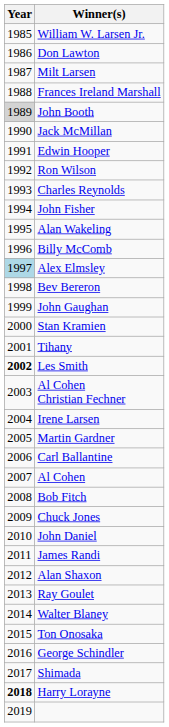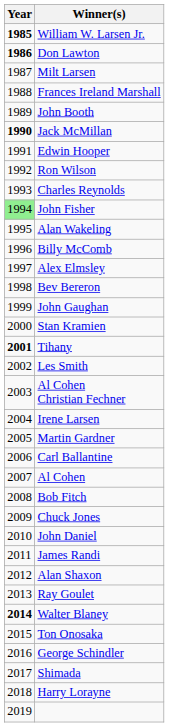 <table class="wikitable sortable">
 <tr>
 <th>Year</th>
 <th>Winner(s)</th>
 </tr>
 <tr>
-<td>1985</td>
+<td><strong>1985</strong></td>
 <td><a href='#'>William W. Larsen Jr.</a></td>
 </tr>
 <tr>
-<td>1986</td>
+<td><strong>1986</strong></td>
 <td><a href='#'>Don Lawton</a></td>
 </tr>
 <tr>
 <td>1987</td>
 <td><a href='#'>Milt Larsen</a></td>
 </tr>
 <tr>
 <td>1988</td>
 <td><a href='#'>Frances Ireland Marshall</a></td>
 </tr>
 <tr>
-<td style="background: lightgrey;">1989</td>
+<td>1989</td>
 <td><a href='#'>John Booth</a></td>
 </tr>
 <tr>
-<td>1990</td>
+<td><strong>1990</strong></td>
 <td><a href='#'>Jack McMillan</a></td>
 </tr>
 <tr>
 <td>1991</td>
 <td><a href='#'>Edwin Hooper</a></td>
 </tr>
 <tr>
 <td>1992</td>
 <td><a href='#'>Ron Wilson</a></td>
 </tr>
 <tr>
 <td>1993</td>
 <td><a href='#'>Charles Reynolds</a></td>
 </tr>
 <tr>
-<td>1994</td>
+<td style="background: lightgreen;">1994</td>
 <td><a href='#'>John Fisher</a></td>
 </tr>
 <tr>
 <td>1995</td>
 <td><a href='#'>Alan Wakeling</a></td>
 </tr>
 <tr>
 <td>1996</td>
 <td><a href='#'>Billy McComb</a></td>
 </tr>
 <tr>
-<td style="background: lightblue;">1997</td>
+<td>1997</td>
 <td><a href='#'>Alex Elmsley</a></td>
 </tr>
 <tr>
 <td>1998</td>
 <td><a href='#'>Bev Bereron</a></td>
 </tr>
 <tr>
 <td>1999</td>
 <td><a href='#'>John Gaughan</a></td>
 </tr>
 <tr>
 <td>2000</td>
 <td><a href='#'>Stan Kramien</a></td>
 </tr>
 <tr>
-<td>2001</td>
+<td><strong>2001</strong></td>
 <td><a href='#'>Tihany</a></td>
 </tr>
 <tr>
-<td><strong>2002</strong></td>
+<td>2002</td>
 <td><a href='#'>Les Smith</a></td>
 </tr>
 <tr>
 <td>2003</td>
 <td><a href='#'>Al Cohen</a><br><a href='#'>Christian Fechner</a></td>
 </tr>
 <tr>
 <td>2004</td>
 <td><a href='#'>Irene Larsen</a></td>
 </tr>
 <tr>
 <td>2005</td>
 <td><a href='#'>Martin Gardner</a></td>
 </tr>
 <tr>
 <td>2006</td>
 <td><a href='#'>Carl Ballantine</a></td>
 </tr>
 <tr>
 <td>2007</td>
 <td><a href='#'>Al Cohen</a></td>
 </tr>
 <tr>
 <td>2008</td>
 <td><a href='#'>Bob Fitch</a></td>
 </tr>
 <tr>
 <td>2009</td>
 <td><a href='#'>Chuck Jones</a></td>
 </tr>
 <tr>
 <td>2010</td>
 <td><a href='#'>John Daniel</a></td>
 </tr>
 <tr>
 <td>2011</td>
 <td><a href='#'>James Randi</a></td>
 </tr>
 <tr>
 <td>2012</td>
 <td><a href='#'>Alan Shaxon</a></td>
 </tr>
 <tr>
 <td>2013</td>
 <td><a href='#'>Ray Goulet</a></td>
 </tr>
 <tr>
-<td>2014</td>
+<td><strong>2014</strong></td>
 <td><a href='#'>Walter Blaney</a></td>
 </tr>
 <tr>
 <td>2015</td>
 <td><a href='#'>Ton Onosaka</a></td>
 </tr>
 <tr>
 <td>2016</td>
 <td><a href='#'>George Schindler</a></td>
 </tr>
 <tr>
 <td>2017</td>
 <td><a href='#'>Shimada</a></td>
 </tr>
 <tr>
-<td><strong>2018</strong></td>
+<td>2018</td>
 <td><a href='#'>Harry Lorayne</a></td>
 </tr>
 <tr>
 <td>2019</td>
 <td></td>
 </tr>
 </table>
